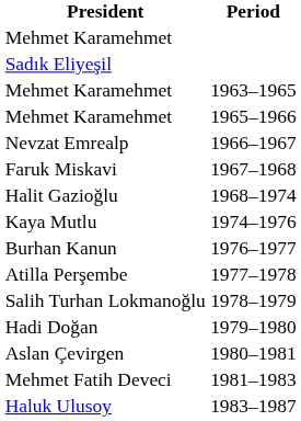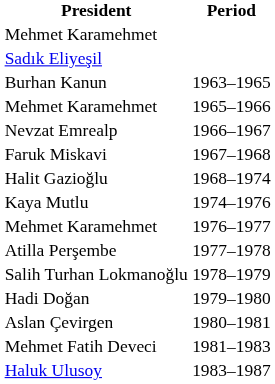 <table style="padding:4px;">
 <tr>
 <th colspan="2"></th>
 </tr>
 <tr>
 <th>President</th>
 <th>Period</th>
 </tr>
 <tr>
 <td> Mehmet Karamehmet</td>
 <td></td>
 </tr>
 <tr>
 <td> <a href='#'>Sadık Eliyeşil</a></td>
 <td></td>
 </tr>
 <tr>
-<td> Mehmet Karamehmet</td>
+<td> Burhan Kanun</td>
 <td>1963–1965</td>
 </tr>
 <tr>
 <td> Mehmet Karamehmet</td>
 <td>1965–1966</td>
 </tr>
 <tr>
 <td> Nevzat Emrealp</td>
 <td>1966–1967</td>
 </tr>
 <tr>
 <td> Faruk Miskavi</td>
 <td>1967–1968</td>
 </tr>
 <tr>
 <td> Halit Gazioğlu</td>
 <td>1968–1974</td>
 </tr>
 <tr>
 <td> Kaya Mutlu</td>
 <td>1974–1976</td>
 </tr>
 <tr>
-<td> Burhan Kanun</td>
+<td> Mehmet Karamehmet</td>
 <td>1976–1977</td>
 </tr>
 <tr>
 <td> Atilla Perşembe</td>
 <td>1977–1978</td>
 </tr>
 <tr>
 <td> Salih Turhan Lokmanoğlu</td>
 <td>1978–1979</td>
 </tr>
 <tr>
 <td> Hadi Doğan</td>
 <td>1979–1980</td>
 </tr>
 <tr>
 <td> Aslan Çevirgen</td>
 <td>1980–1981</td>
 </tr>
 <tr>
 <td> Mehmet Fatih Deveci</td>
 <td>1981–1983</td>
 </tr>
 <tr>
 <td> <a href='#'>Haluk Ulusoy</a></td>
 <td>1983–1987</td>
 </tr>
 </table>
